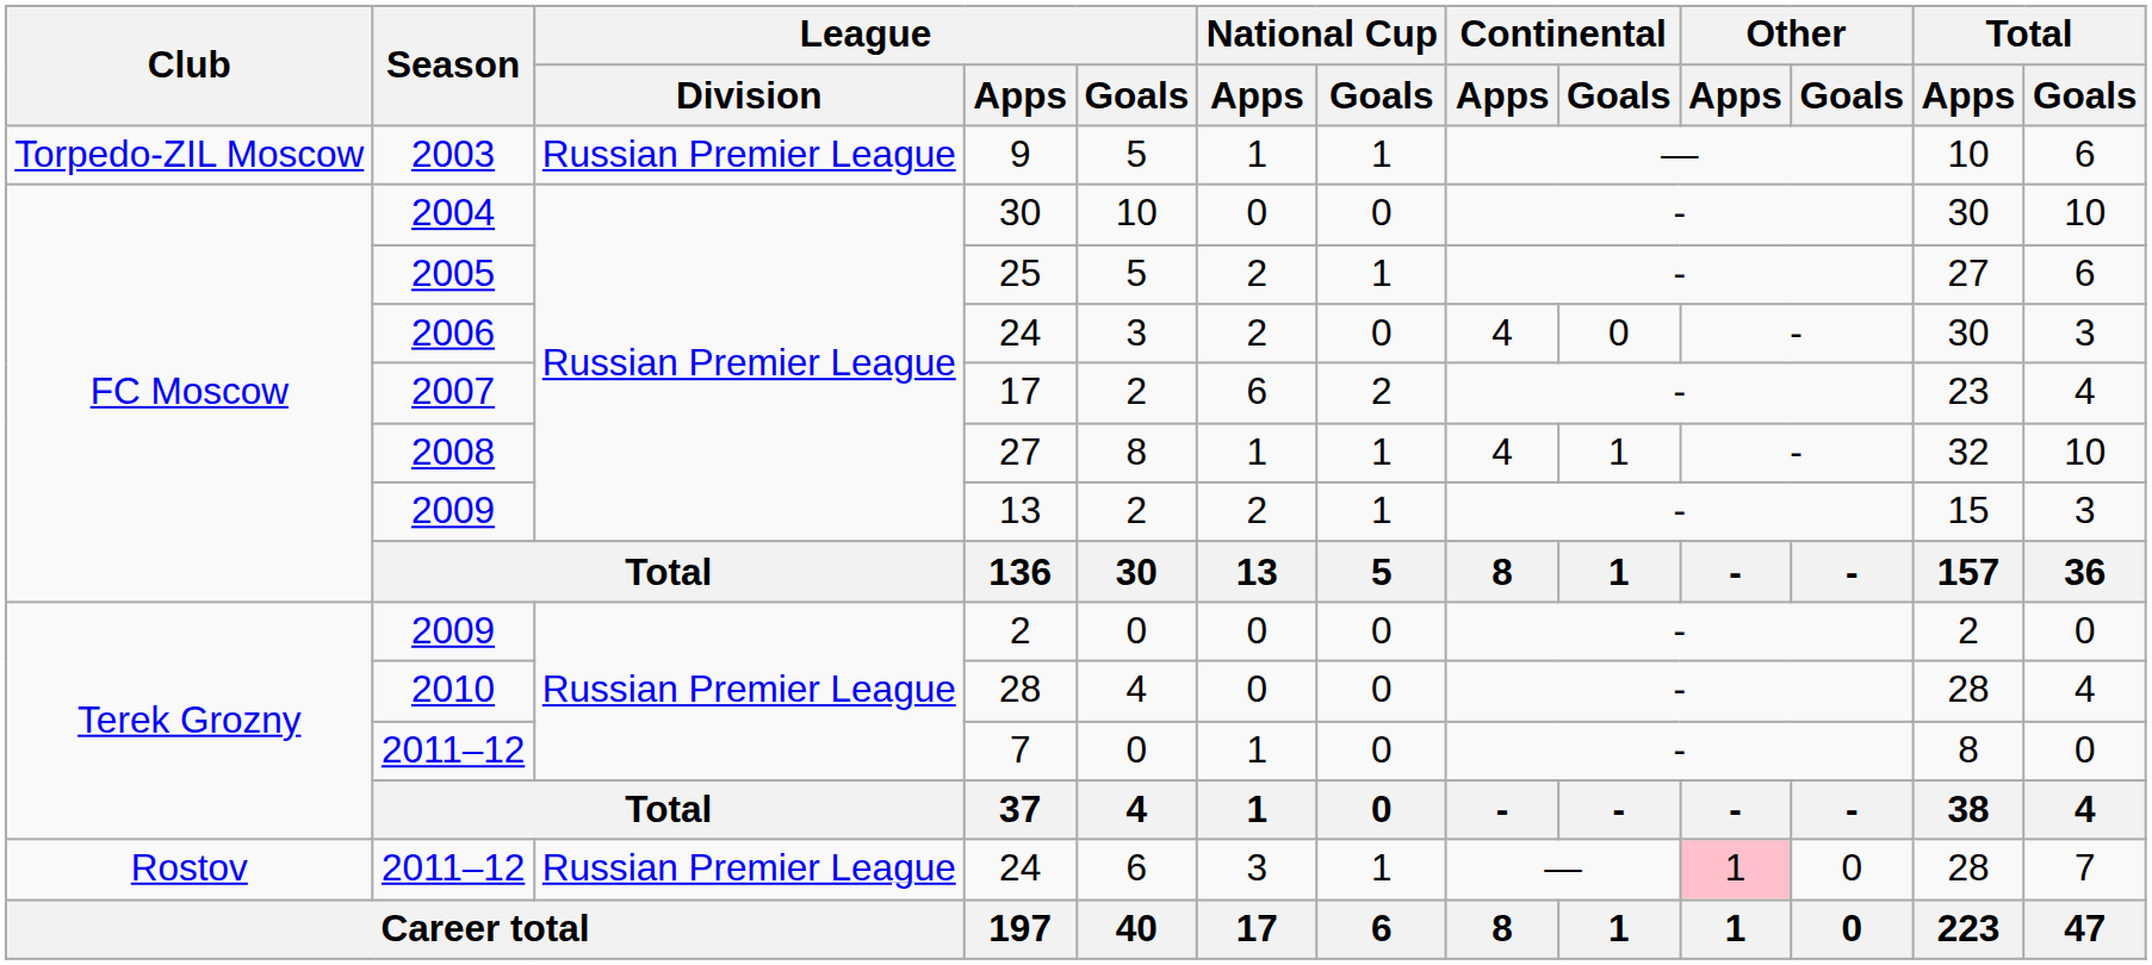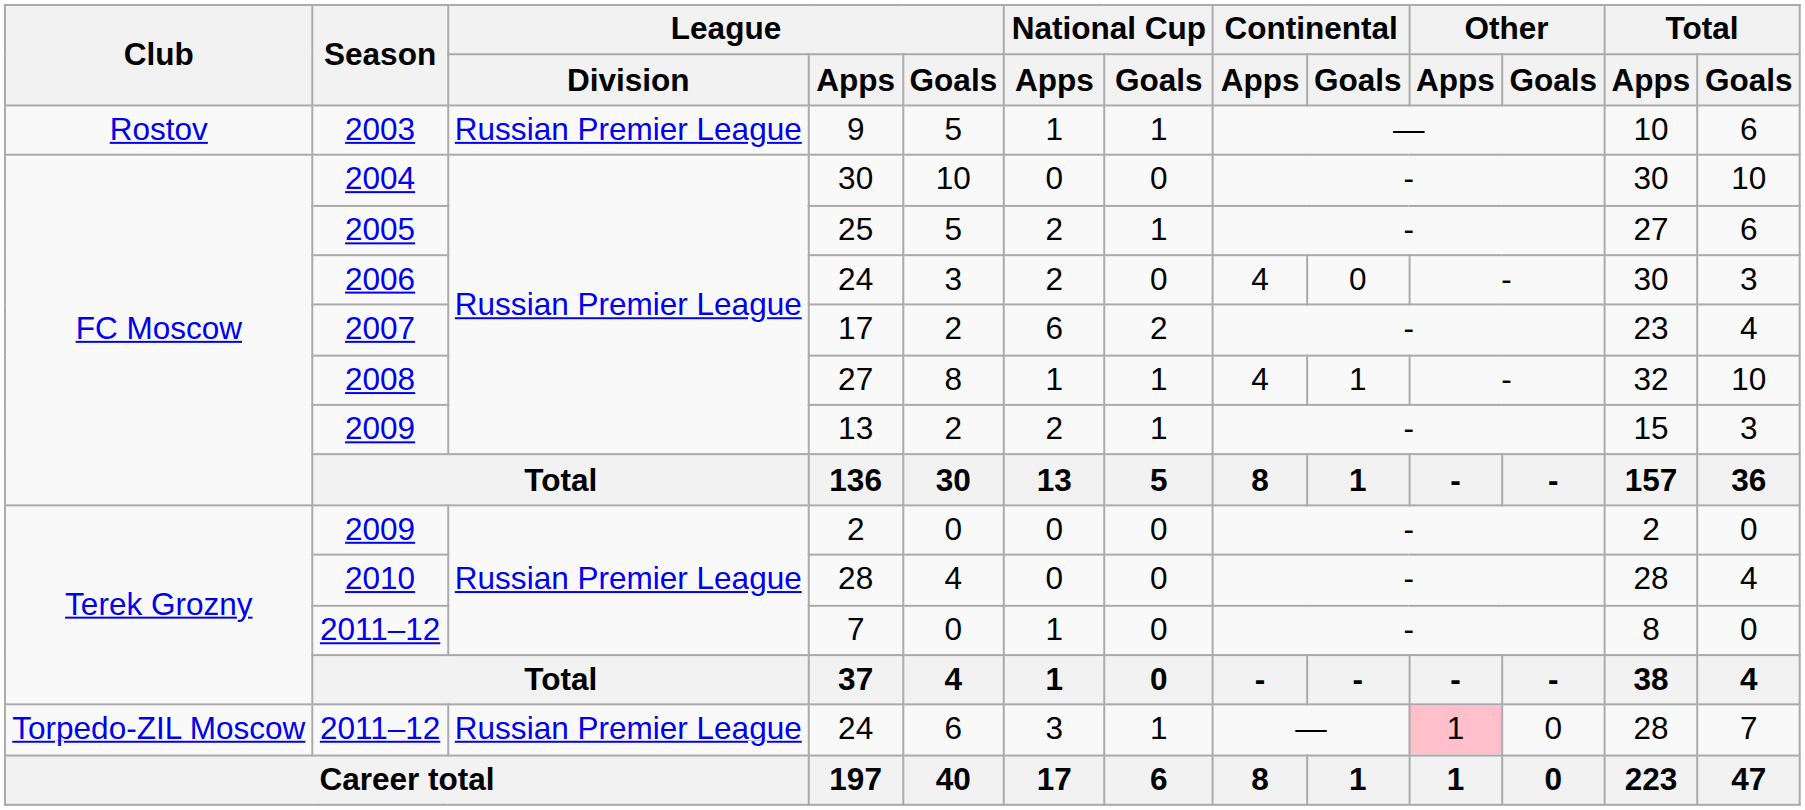 <table class="wikitable" style="text-align: center">
 <tr>
 <th rowspan="2">Club</th>
 <th rowspan="2">Season</th>
 <th colspan="3">League</th>
 <th colspan="2">National Cup</th>
 <th colspan="2">Continental</th>
 <th colspan="2">Other</th>
 <th colspan="2">Total</th>
 </tr>
 <tr>
 <th>Division</th>
 <th>Apps</th>
 <th>Goals</th>
 <th>Apps</th>
 <th>Goals</th>
 <th>Apps</th>
 <th>Goals</th>
 <th>Apps</th>
 <th>Goals</th>
 <th>Apps</th>
 <th>Goals</th>
 </tr>
 <tr>
-<td><a href='#'>Torpedo-ZIL Moscow</a></td>
+<td><a href='#'>Rostov</a></td>
 <td><a href='#'>2003</a></td>
 <td><a href='#'>Russian Premier League</a></td>
 <td>9</td>
 <td>5</td>
 <td>1</td>
 <td>1</td>
 <td colspan="4">—</td>
 <td>10</td>
 <td>6</td>
 </tr>
 <tr>
 <td rowspan="7"><a href='#'>FC Moscow</a></td>
 <td><a href='#'>2004</a></td>
 <td rowspan="6"><a href='#'>Russian Premier League</a></td>
 <td>30</td>
 <td>10</td>
 <td>0</td>
 <td>0</td>
 <td colspan="4">-</td>
 <td>30</td>
 <td>10</td>
 </tr>
 <tr>
 <td><a href='#'>2005</a></td>
 <td>25</td>
 <td>5</td>
 <td>2</td>
 <td>1</td>
 <td colspan="4">-</td>
 <td>27</td>
 <td>6</td>
 </tr>
 <tr>
 <td><a href='#'>2006</a></td>
 <td>24</td>
 <td>3</td>
 <td>2</td>
 <td>0</td>
 <td>4</td>
 <td>0</td>
 <td colspan="2">-</td>
 <td>30</td>
 <td>3</td>
 </tr>
 <tr>
 <td><a href='#'>2007</a></td>
 <td>17</td>
 <td>2</td>
 <td>6</td>
 <td>2</td>
 <td colspan="4">-</td>
 <td>23</td>
 <td>4</td>
 </tr>
 <tr>
 <td><a href='#'>2008</a></td>
 <td>27</td>
 <td>8</td>
 <td>1</td>
 <td>1</td>
 <td>4</td>
 <td>1</td>
 <td colspan="2">-</td>
 <td>32</td>
 <td>10</td>
 </tr>
 <tr>
 <td><a href='#'>2009</a></td>
 <td>13</td>
 <td>2</td>
 <td>2</td>
 <td>1</td>
 <td colspan="4">-</td>
 <td>15</td>
 <td>3</td>
 </tr>
 <tr>
 <th colspan="2">Total</th>
 <th>136</th>
 <th>30</th>
 <th>13</th>
 <th>5</th>
 <th>8</th>
 <th>1</th>
 <th>-</th>
 <th>-</th>
 <th>157</th>
 <th>36</th>
 </tr>
 <tr>
 <td rowspan="4"><a href='#'>Terek Grozny</a></td>
 <td><a href='#'>2009</a></td>
 <td rowspan="3"><a href='#'>Russian Premier League</a></td>
 <td>2</td>
 <td>0</td>
 <td>0</td>
 <td>0</td>
 <td colspan="4">-</td>
 <td>2</td>
 <td>0</td>
 </tr>
 <tr>
 <td><a href='#'>2010</a></td>
 <td>28</td>
 <td>4</td>
 <td>0</td>
 <td>0</td>
 <td colspan="4">-</td>
 <td>28</td>
 <td>4</td>
 </tr>
 <tr>
 <td><a href='#'>2011–12</a></td>
 <td>7</td>
 <td>0</td>
 <td>1</td>
 <td>0</td>
 <td colspan="4">-</td>
 <td>8</td>
 <td>0</td>
 </tr>
 <tr>
 <th colspan="2">Total</th>
 <th>37</th>
 <th>4</th>
 <th>1</th>
 <th>0</th>
 <th>-</th>
 <th>-</th>
 <th>-</th>
 <th>-</th>
 <th>38</th>
 <th>4</th>
 </tr>
 <tr>
-<td><a href='#'>Rostov</a></td>
+<td><a href='#'>Torpedo-ZIL Moscow</a></td>
 <td><a href='#'>2011–12</a></td>
 <td><a href='#'>Russian Premier League</a></td>
 <td>24</td>
 <td>6</td>
 <td>3</td>
 <td>1</td>
 <td colspan="2">—</td>
 <td style="background: pink;">1</td>
 <td>0</td>
 <td>28</td>
 <td>7</td>
 </tr>
 <tr>
 <th colspan="3">Career total</th>
 <th>197</th>
 <th>40</th>
 <th>17</th>
 <th>6</th>
 <th>8</th>
 <th>1</th>
 <th>1</th>
 <th>0</th>
 <th>223</th>
 <th>47</th>
 </tr>
 </table>
